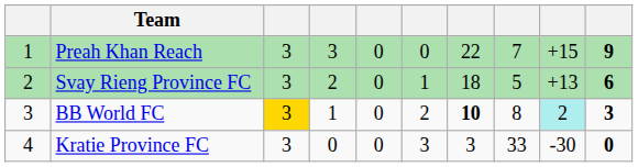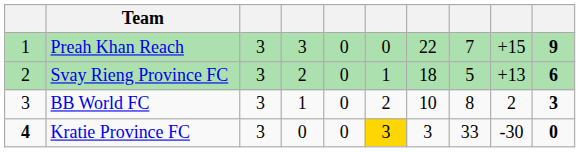 <table class="wikitable" style="text-align: center;">
 <tr>
 <th width=30></th>
 <th width=165>Team</th>
 <th width=30></th>
 <th width=30></th>
 <th width=30></th>
 <th width=30></th>
 <th width=30></th>
 <th width=30></th>
 <th width=30></th>
 <th width=30></th>
 </tr>
 <tr style="background:#ace1af;">
 <td>1</td>
 <td align=left><a href='#'>Preah Khan Reach</a></td>
 <td>3</td>
 <td>3</td>
 <td>0</td>
 <td>0</td>
 <td>22</td>
 <td>7</td>
 <td>+15</td>
 <td><strong>9</strong></td>
 </tr>
 <tr style="background:#ace1af;">
 <td>2</td>
 <td align=left><a href='#'>Svay Rieng Province FC</a></td>
 <td>3</td>
 <td>2</td>
 <td>0</td>
 <td>1</td>
 <td>18</td>
 <td>5</td>
 <td>+13</td>
 <td><strong>6</strong></td>
 </tr>
 <tr>
 <td>3</td>
 <td align=left><a href='#'>BB World FC</a></td>
-<td style="background: gold;">3</td>
+<td>3</td>
 <td>1</td>
 <td>0</td>
 <td>2</td>
-<td><strong>10</strong></td>
+<td>10</td>
 <td>8</td>
-<td style="background: paleturquoise;">2</td>
+<td>2</td>
 <td><strong>3</strong></td>
 </tr>
 <tr>
-<td>4</td>
+<td><strong>4</strong></td>
 <td align=left><a href='#'>Kratie Province FC</a></td>
 <td>3</td>
 <td>0</td>
 <td>0</td>
-<td>3</td>
+<td style="background: gold;">3</td>
 <td>3</td>
 <td>33</td>
 <td>-30</td>
 <td><strong>0</strong></td>
 </tr>
 </table>
